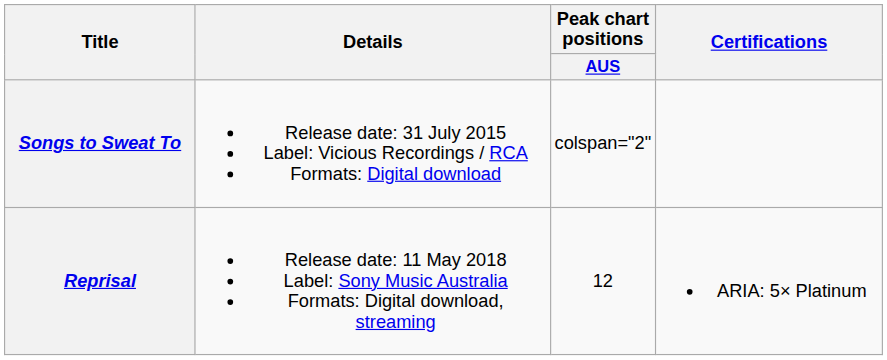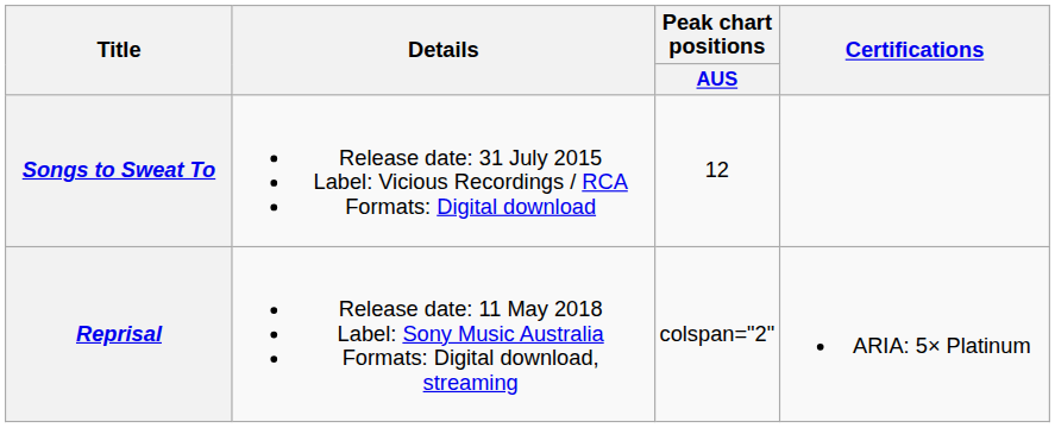 <table class="wikitable plainrowheaders" style="text-align:center;">
 <tr>
 <th scope="col" rowspan="2" style="width:10em;">Title</th>
 <th scope="col" rowspan="2" style="width:19em;">Details</th>
 <th scope="col" colspan="1">Peak chart positions</th>
 <th scope="col" rowspan="2" style="width:12em;"><a href='#'>Certifications</a></th>
 </tr>
 <tr>
 <th scope="col" style="width:3em;font-size:90%;"><a href='#'>AUS</a><br></th>
 </tr>
 <tr>
 <th scope="row"><em><a href='#'>Songs to Sweat To</a></em></th>
 <td><br><ul><li>Release date: 31 July 2015</li><li>Label: Vicious Recordings / <a href='#'>RCA</a></li><li>Formats: <a href='#'>Digital download</a></li></ul></td>
-<td>colspan="2" </td>
+<td>12</td>
 </tr>
 <tr>
 <th scope="row"><em><a href='#'>Reprisal</a></em></th>
 <td><br><ul><li>Release date: 11 May 2018</li><li>Label: <a href='#'>Sony Music Australia</a></li><li>Formats: Digital download, <a href='#'>streaming</a></li></ul></td>
-<td>12</td>
+<td>colspan="2" </td>
 <td><br><ul><li>ARIA: 5× Platinum</li></ul></td>
 </tr>
 </table>
